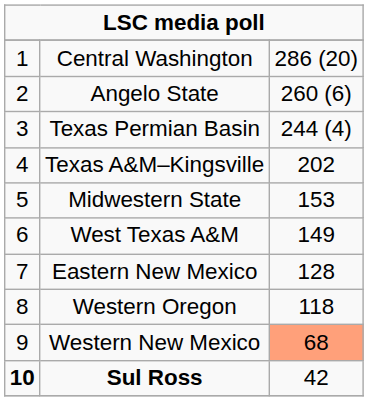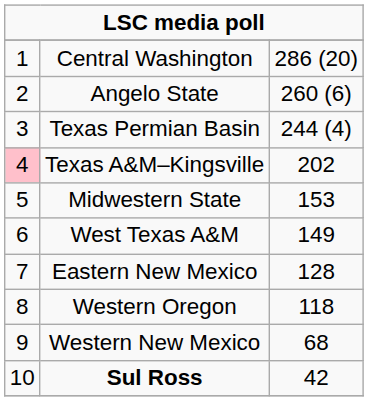 <table class="wikitable" style="display: inline-table;">
 <tr>
 <td align="center" Colspan="3"><strong>LSC media poll</strong></td>
 </tr>
 <tr align="center">
 </tr>
 <tr align="center">
 <td>1</td>
 <td>Central Washington</td>
 <td>286 (20)</td>
 </tr>
 <tr align="center">
 <td>2</td>
 <td>Angelo State</td>
 <td>260 (6)</td>
 </tr>
 <tr align="center">
 <td>3</td>
 <td>Texas Permian Basin</td>
 <td>244 (4)</td>
 </tr>
 <tr align="center">
-<td>4</td>
+<td style="background: pink;">4</td>
 <td>Texas A&M–Kingsville</td>
 <td>202</td>
 </tr>
 <tr align="center">
 <td>5</td>
 <td>Midwestern State</td>
 <td>153</td>
 </tr>
 <tr align="center">
 <td>6</td>
 <td>West Texas A&M</td>
 <td>149</td>
 </tr>
 <tr align="center">
 <td>7</td>
 <td>Eastern New Mexico</td>
 <td>128</td>
 </tr>
 <tr align="center">
 <td>8</td>
 <td>Western Oregon</td>
 <td>118</td>
 </tr>
 <tr align="center">
 <td>9</td>
 <td>Western New Mexico</td>
-<td style="background: lightsalmon;">68</td>
+<td>68</td>
 </tr>
 <tr align="center">
-<td><strong>10</strong></td>
+<td>10</td>
 <td><strong>Sul Ross</strong></td>
 <td>42</td>
 </tr>
 <tr>
 </tr>
 </table>
